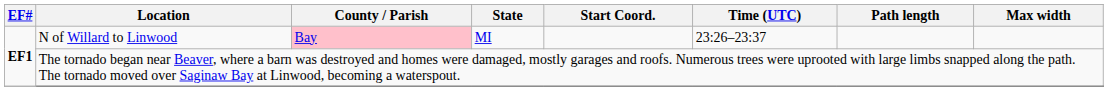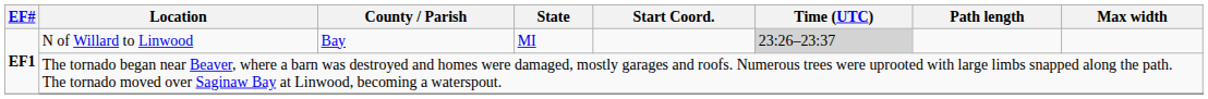 <table class="wikitable sortable" style="width:100%;">
 <tr>
 <th scope="col" width="2%" align="center"><a href='#'>EF#</a></th>
 <th scope="col" align="center" class="unsortable">Location</th>
 <th scope="col" align="center" class="unsortable">County / Parish</th>
 <th scope="col" align="center">State</th>
 <th scope="col" align="center" data-sort-type="number">Start Coord.</th>
 <th scope="col" align="center" data-sort-type="number">Time (<a href='#'>UTC</a>)</th>
 <th scope="col" align="center" data-sort-type="number">Path length</th>
 <th scope="col" align="center" data-sort-type="number">Max width</th>
 </tr>
 <tr>
 <td rowspan="2" align="center"><strong>EF1</strong></td>
 <td>N of <a href='#'>Willard</a> to <a href='#'>Linwood</a></td>
-<td style="background: pink;"><a href='#'>Bay</a></td>
+<td><a href='#'>Bay</a></td>
 <td><a href='#'>MI</a></td>
 <td></td>
-<td>23:26–23:37</td>
+<td style="background: lightgrey;">23:26–23:37</td>
 <td></td>
 <td></td>
 </tr>
 <tr class="expand-child">
 <td colspan="8" style=" border-bottom: 1px solid black;">The tornado began near <a href='#'>Beaver</a>, where a barn was destroyed and homes were damaged, mostly garages and roofs. Numerous trees were uprooted with large limbs snapped along the path. The tornado moved over <a href='#'>Saginaw Bay</a> at Linwood, becoming a waterspout.</td>
 </tr>
 <tr>
 </tr>
 </table>
